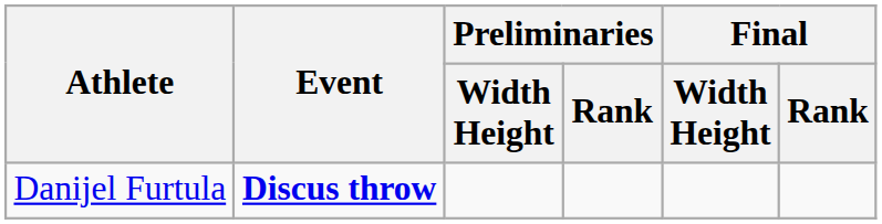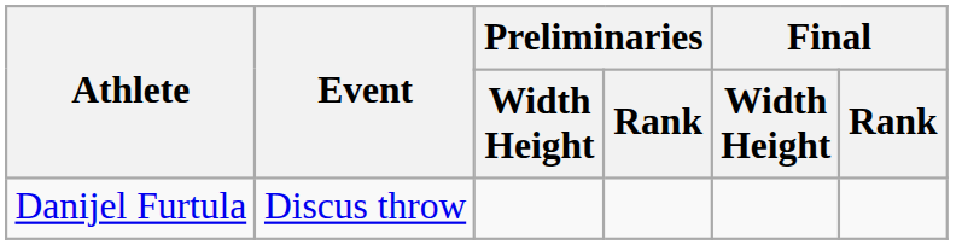 <table class=wikitable style="font-size:90%;">
 <tr>
 <th rowspan="2">Athlete</th>
 <th rowspan="2">Event</th>
 <th colspan="2">Preliminaries</th>
 <th colspan="2">Final</th>
 </tr>
 <tr>
 <th>Width<br>Height</th>
 <th>Rank</th>
 <th>Width<br>Height</th>
 <th>Rank</th>
 </tr>
 <tr style="border-top: single;">
 <td><a href='#'>Danijel Furtula</a></td>
-<td><strong><a href='#'>Discus throw</a></strong></td>
+<td><a href='#'>Discus throw</a></td>
 <td align=center></td>
 <td align=center></td>
 <td align=center></td>
 <td align=center></td>
 </tr>
 </table>
